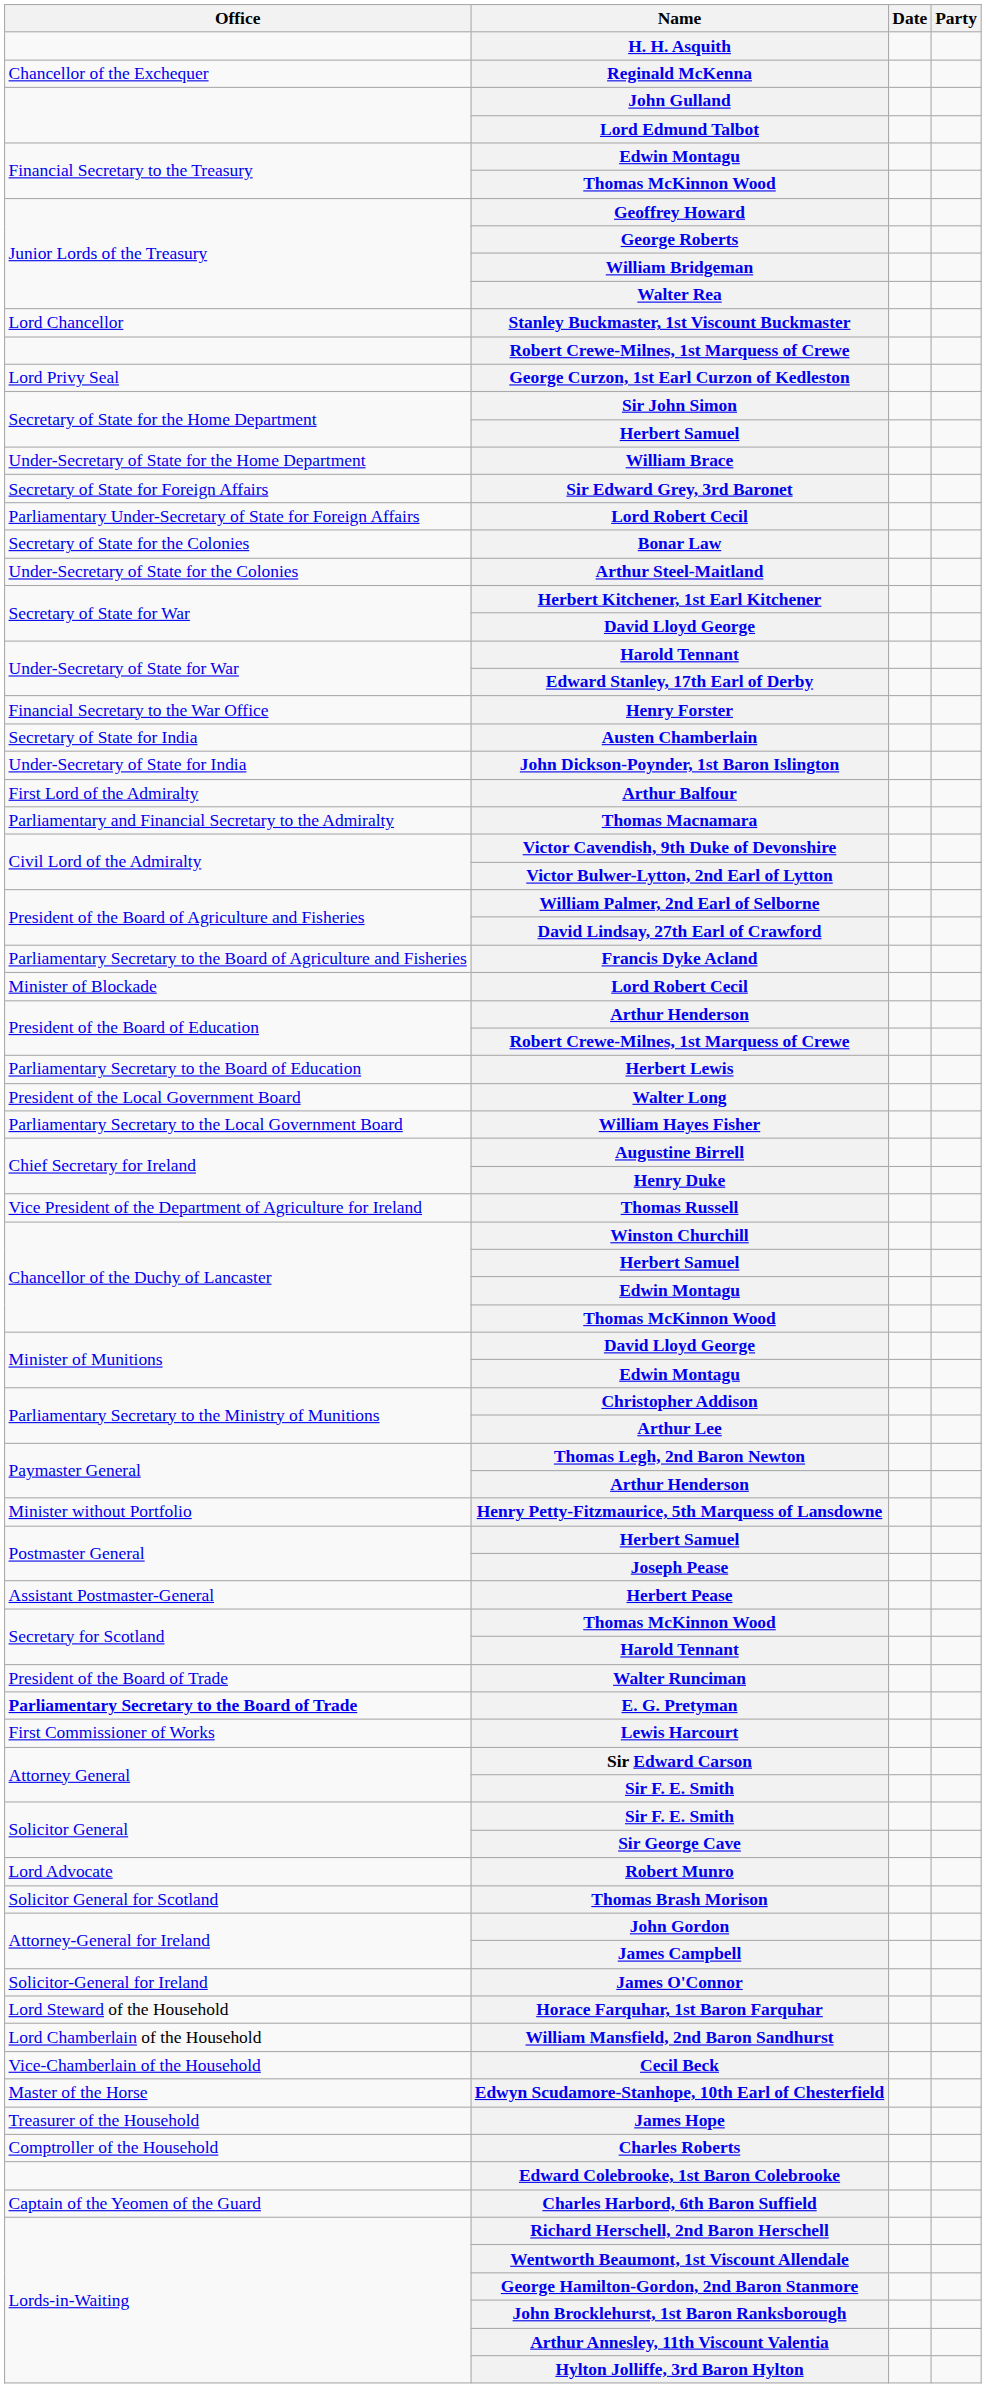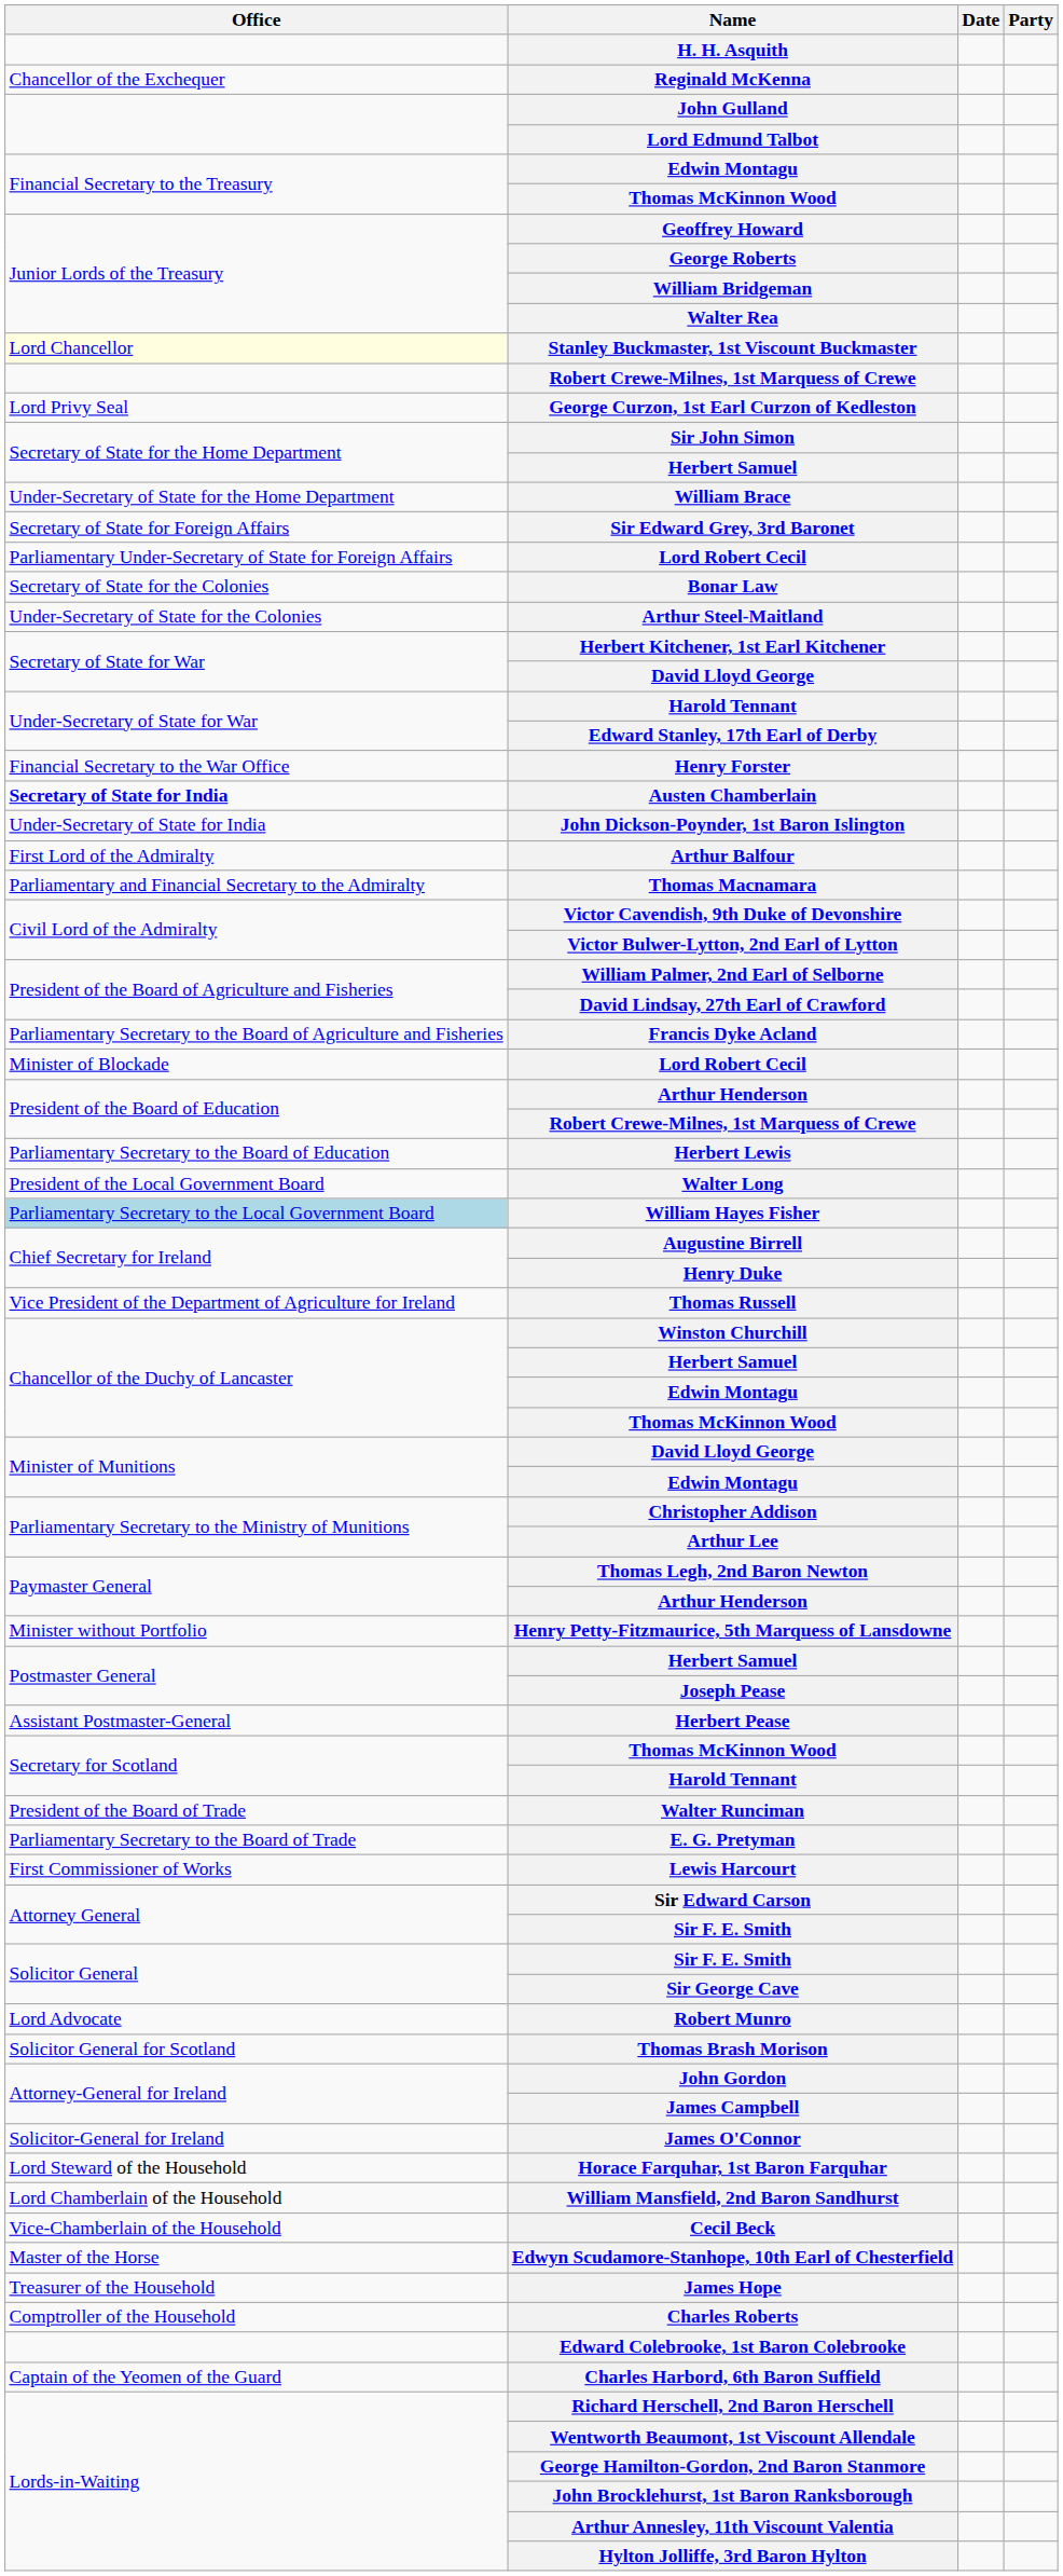 <table class="wikitable plainrowheaders sortable">
 <tr>
 <th class=unsortable>Office</th>
 <th class=unsortable>Name</th>
 <th>Date</th>
 <th colspan=2>Party</th>
 </tr>
 <tr>
 <td></td>
 <th scope=row style="font-weight:bold;"><a href='#'>H. H. Asquith</a></th>
 <td></td>
 <td></td>
 </tr>
 <tr>
 <td><a href='#'>Chancellor of the Exchequer</a></td>
 <th scope=row style="font-weight:bold;"><a href='#'>Reginald McKenna</a></th>
 <td></td>
 <td></td>
 </tr>
 <tr>
 <td rowspan=2></td>
 <th scope=row><a href='#'>John Gulland</a></th>
 <td></td>
 <td></td>
 </tr>
 <tr>
 <th scope=row><a href='#'>Lord Edmund Talbot</a></th>
 <td></td>
 <td></td>
 </tr>
 <tr>
 <td rowspan=2><a href='#'>Financial Secretary to the Treasury</a></td>
 <th scope=row><a href='#'>Edwin Montagu</a></th>
 <td></td>
 <td></td>
 </tr>
 <tr>
 <th scope=row><a href='#'>Thomas McKinnon Wood</a></th>
 <td></td>
 <td></td>
 </tr>
 <tr>
 <td rowspan=4><a href='#'>Junior Lords of the Treasury</a></td>
 <th scope=row><a href='#'>Geoffrey Howard</a></th>
 <td></td>
 <td></td>
 </tr>
 <tr>
 <th scope=row><a href='#'>George Roberts</a></th>
 <td></td>
 <td></td>
 </tr>
 <tr>
 <th scope=row><a href='#'>William Bridgeman</a></th>
 <td></td>
 <td></td>
 </tr>
 <tr>
 <th scope=row><a href='#'>Walter Rea</a></th>
 <td></td>
 <td></td>
 </tr>
 <tr>
-<td><a href='#'>Lord Chancellor</a></td>
+<td style="background: lightyellow;"><a href='#'>Lord Chancellor</a></td>
 <th scope=row style="font-weight:bold;"><a href='#'>Stanley Buckmaster, 1st Viscount Buckmaster</a></th>
 <td></td>
 <td></td>
 </tr>
 <tr>
 <td></td>
 <th scope=row style="font-weight:bold;"><a href='#'>Robert Crewe-Milnes, 1st Marquess of Crewe</a></th>
 <td></td>
 <td></td>
 </tr>
 <tr>
 <td><a href='#'>Lord Privy Seal</a></td>
 <th scope=row style="font-weight:bold;"><a href='#'>George Curzon, 1st Earl Curzon of Kedleston</a></th>
 <td></td>
 <td></td>
 </tr>
 <tr>
 <td rowspan=2><a href='#'>Secretary of State for the Home Department</a></td>
 <th scope=row style="font-weight:bold;"><a href='#'>Sir John Simon</a></th>
 <td></td>
 <td></td>
 </tr>
 <tr>
 <th scope=row style="font-weight:bold;"><a href='#'>Herbert Samuel</a></th>
 <td></td>
 <td></td>
 </tr>
 <tr>
 <td><a href='#'>Under-Secretary of State for the Home Department</a></td>
 <th scope=row><a href='#'>William Brace</a></th>
 <td></td>
 <td></td>
 </tr>
 <tr>
 <td><a href='#'>Secretary of State for Foreign Affairs</a></td>
 <th scope=row style="font-weight:bold;"><a href='#'>Sir Edward Grey, 3rd Baronet</a></th>
 <td></td>
 <td></td>
 </tr>
 <tr>
 <td><a href='#'>Parliamentary Under-Secretary of State for Foreign Affairs</a></td>
 <th scope=row><a href='#'>Lord Robert Cecil</a></th>
 <td></td>
 <td></td>
 </tr>
 <tr>
 <td><a href='#'>Secretary of State for the Colonies</a></td>
 <th scope=row style="font-weight:bold;"><a href='#'>Bonar Law</a></th>
 <td></td>
 <td></td>
 </tr>
 <tr>
 <td><a href='#'>Under-Secretary of State for the Colonies</a></td>
 <th scope=row><a href='#'>Arthur Steel-Maitland</a></th>
 <td></td>
 <td></td>
 </tr>
 <tr>
 <td rowspan=2><a href='#'>Secretary of State for War</a></td>
 <th scope=row style="font-weight:bold;"><a href='#'>Herbert Kitchener, 1st Earl Kitchener</a></th>
 <td></td>
 <td></td>
 </tr>
 <tr>
 <th scope=row style="font-weight:bold;"><a href='#'>David Lloyd George</a></th>
 <td></td>
 <td></td>
 </tr>
 <tr>
 <td rowspan=2><a href='#'>Under-Secretary of State for War</a></td>
 <th scope=row><a href='#'>Harold Tennant</a></th>
 <td></td>
 <td></td>
 </tr>
 <tr>
 <th scope=row><a href='#'>Edward Stanley, 17th Earl of Derby</a></th>
 <td></td>
 <td></td>
 </tr>
 <tr>
 <td><a href='#'>Financial Secretary to the War Office</a></td>
 <th scope=row><a href='#'>Henry Forster</a></th>
 <td></td>
 <td></td>
 </tr>
 <tr>
-<td><a href='#'>Secretary of State for India</a></td>
+<td><strong><a href='#'>Secretary of State for India</a></strong></td>
 <th scope=row style="font-weight:bold;"><a href='#'>Austen Chamberlain</a></th>
 <td></td>
 <td></td>
 </tr>
 <tr>
 <td><a href='#'>Under-Secretary of State for India</a></td>
 <th scope=row><a href='#'>John Dickson-Poynder, 1st Baron Islington</a></th>
 <td></td>
 <td></td>
 </tr>
 <tr>
 <td><a href='#'>First Lord of the Admiralty</a></td>
 <th scope=row style="font-weight:bold;"><a href='#'>Arthur Balfour</a></th>
 <td></td>
 <td></td>
 </tr>
 <tr>
 <td><a href='#'>Parliamentary and Financial Secretary to the Admiralty</a></td>
 <th scope=row><a href='#'>Thomas Macnamara</a></th>
 <td></td>
 <td></td>
 </tr>
 <tr>
 <td rowspan=2><a href='#'>Civil Lord of the Admiralty</a></td>
 <th scope=row><a href='#'>Victor Cavendish, 9th Duke of Devonshire</a></th>
 <td></td>
 <td></td>
 </tr>
 <tr>
 <th scope=row><a href='#'>Victor Bulwer-Lytton, 2nd Earl of Lytton</a></th>
 <td></td>
 <td></td>
 </tr>
 <tr>
 <td rowspan=2><a href='#'>President of the Board of Agriculture and Fisheries</a></td>
 <th scope=row style="font-weight:bold;"><a href='#'>William Palmer, 2nd Earl of Selborne</a></th>
 <td></td>
 <td></td>
 </tr>
 <tr>
 <th scope=row style="font-weight:bold;"><a href='#'>David Lindsay, 27th Earl of Crawford</a></th>
 <td></td>
 <td></td>
 </tr>
 <tr>
 <td><a href='#'>Parliamentary Secretary to the Board of Agriculture and Fisheries</a></td>
 <th scope=row><a href='#'>Francis Dyke Acland</a></th>
 <td></td>
 <td></td>
 </tr>
 <tr>
 <td><a href='#'>Minister of Blockade</a></td>
 <th scope=row style="font-weight:bold;"><a href='#'>Lord Robert Cecil</a></th>
 <td></td>
 <td></td>
 </tr>
 <tr>
 <td rowspan=2><a href='#'>President of the Board of Education</a></td>
 <th scope=row style="font-weight:bold;"><a href='#'>Arthur Henderson</a></th>
 <td></td>
 <td></td>
 </tr>
 <tr>
 <th scope=row style="font-weight:bold;"><a href='#'>Robert Crewe-Milnes, 1st Marquess of Crewe</a></th>
 <td></td>
 <td></td>
 </tr>
 <tr>
 <td><a href='#'>Parliamentary Secretary to the Board of Education</a></td>
 <th scope=row><a href='#'>Herbert Lewis</a></th>
 <td></td>
 <td></td>
 </tr>
 <tr>
 <td><a href='#'>President of the Local Government Board</a></td>
 <th scope=row style="font-weight:bold;"><a href='#'>Walter Long</a></th>
 <td></td>
 <td></td>
 </tr>
 <tr>
-<td><a href='#'>Parliamentary Secretary to the Local Government Board</a></td>
+<td style="background: lightblue;"><a href='#'>Parliamentary Secretary to the Local Government Board</a></td>
 <th scope=row><a href='#'>William Hayes Fisher</a></th>
 <td></td>
 <td></td>
 </tr>
 <tr>
 <td rowspan=2><a href='#'>Chief Secretary for Ireland</a></td>
 <th scope=row style="font-weight:bold;"><a href='#'>Augustine Birrell</a></th>
 <td></td>
 <td></td>
 </tr>
 <tr>
 <th scope=row style="font-weight:bold;"><a href='#'>Henry Duke</a></th>
 <td></td>
 <td></td>
 </tr>
 <tr>
 <td><a href='#'>Vice President of the Department of Agriculture for Ireland</a></td>
 <th scope=row><a href='#'>Thomas Russell</a></th>
 <td></td>
 <td></td>
 </tr>
 <tr>
 <td rowspan=4><a href='#'>Chancellor of the Duchy of Lancaster</a></td>
 <th scope=row style="font-weight:bold;"><a href='#'>Winston Churchill</a></th>
 <td></td>
 <td></td>
 </tr>
 <tr>
 <th scope=row style="font-weight:bold;"><a href='#'>Herbert Samuel</a></th>
 <td></td>
 <td></td>
 </tr>
 <tr>
 <th scope=row style="font-weight:bold;"><a href='#'>Edwin Montagu</a></th>
 <td></td>
 <td></td>
 </tr>
 <tr>
 <th scope=row style="font-weight:bold;"><a href='#'>Thomas McKinnon Wood</a></th>
 <td></td>
 <td></td>
 </tr>
 <tr>
 <td rowspan=2><a href='#'>Minister of Munitions</a></td>
 <th scope=row style="font-weight:bold;"><a href='#'>David Lloyd George</a></th>
 <td></td>
 <td></td>
 </tr>
 <tr>
 <th scope=row style="font-weight:bold;"><a href='#'>Edwin Montagu</a></th>
 <td></td>
 <td></td>
 </tr>
 <tr>
 <td rowspan=2><a href='#'>Parliamentary Secretary to the Ministry of Munitions</a></td>
 <th scope=row><a href='#'>Christopher Addison</a></th>
 <td></td>
 <td></td>
 </tr>
 <tr>
 <th scope=row><a href='#'>Arthur Lee</a></th>
 <td></td>
 <td></td>
 </tr>
 <tr>
 <td rowspan=2><a href='#'>Paymaster General</a></td>
 <th scope=row><a href='#'>Thomas Legh, 2nd Baron Newton</a></th>
 <td></td>
 <td></td>
 </tr>
 <tr>
 <th scope=row style="font-weight:bold;"><a href='#'>Arthur Henderson</a></th>
 <td></td>
 <td></td>
 </tr>
 <tr>
 <td><a href='#'>Minister without Portfolio</a></td>
 <th scope=row style="font-weight:bold;"><a href='#'>Henry Petty-Fitzmaurice, 5th Marquess of Lansdowne</a></th>
 <td></td>
 <td></td>
 </tr>
 <tr>
 <td rowspan=2><a href='#'>Postmaster General</a></td>
 <th scope=row style="font-weight:bold;"><a href='#'>Herbert Samuel</a></th>
 <td></td>
 <td></td>
 </tr>
 <tr>
 <th scope=row style="font-weight:bold;"><a href='#'>Joseph Pease</a></th>
 <td></td>
 <td></td>
 </tr>
 <tr>
 <td><a href='#'>Assistant Postmaster-General</a></td>
 <th scope=row><a href='#'>Herbert Pease</a></th>
 <td></td>
 <td></td>
 </tr>
 <tr>
 <td rowspan=2><a href='#'>Secretary for Scotland</a></td>
 <th scope=row style="font-weight:bold;"><a href='#'>Thomas McKinnon Wood</a></th>
 <td></td>
 <td></td>
 </tr>
 <tr>
 <th scope=row style="font-weight:bold;"><a href='#'>Harold Tennant</a></th>
 <td></td>
 <td></td>
 </tr>
 <tr>
 <td><a href='#'>President of the Board of Trade</a></td>
 <th scope=row style="font-weight:bold;"><a href='#'>Walter Runciman</a></th>
 <td></td>
 <td></td>
 </tr>
 <tr>
-<td><strong><a href='#'>Parliamentary Secretary to the Board of Trade</a></strong></td>
+<td><a href='#'>Parliamentary Secretary to the Board of Trade</a></td>
 <th scope=row><a href='#'>E. G. Pretyman</a></th>
 <td></td>
 <td></td>
 </tr>
 <tr>
 <td><a href='#'>First Commissioner of Works</a></td>
 <th scope=row style="font-weight:bold;"><a href='#'>Lewis Harcourt</a></th>
 <td></td>
 <td></td>
 </tr>
 <tr>
 <td rowspan=2><a href='#'>Attorney General</a></td>
 <th scope=row style="font-weight:bold;">Sir <a href='#'>Edward Carson</a></th>
 <td></td>
 <td></td>
 </tr>
 <tr>
 <th scope=row style="font-weight:bold;"><a href='#'>Sir F. E. Smith</a></th>
 <td></td>
 <td></td>
 </tr>
 <tr>
 <td rowspan=2><a href='#'>Solicitor General</a></td>
 <th scope=row><a href='#'>Sir F. E. Smith</a></th>
 <td></td>
 <td></td>
 </tr>
 <tr>
 <th scope=row><a href='#'>Sir George Cave</a></th>
 <td></td>
 <td></td>
 </tr>
 <tr>
 <td><a href='#'>Lord Advocate</a></td>
 <th scope=row><a href='#'>Robert Munro</a></th>
 <td></td>
 <td></td>
 </tr>
 <tr>
 <td><a href='#'>Solicitor General for Scotland</a></td>
 <th scope=row><a href='#'>Thomas Brash Morison</a></th>
 <td></td>
 <td></td>
 </tr>
 <tr>
 <td rowspan=2><a href='#'>Attorney-General for Ireland</a></td>
 <th scope=row><a href='#'>John Gordon</a></th>
 <td></td>
 <td></td>
 </tr>
 <tr>
 <th scope=row><a href='#'>James Campbell</a></th>
 <td></td>
 <td></td>
 </tr>
 <tr>
 <td><a href='#'>Solicitor-General for Ireland</a></td>
 <th scope=row><a href='#'>James O'Connor</a></th>
 <td></td>
 <td></td>
 </tr>
 <tr>
 <td><a href='#'>Lord Steward</a> of the Household</td>
 <th scope=row><a href='#'>Horace Farquhar, 1st Baron Farquhar</a></th>
 <td></td>
 <td></td>
 </tr>
 <tr>
 <td><a href='#'>Lord Chamberlain</a> of the Household</td>
 <th scope=row><a href='#'>William Mansfield, 2nd Baron Sandhurst</a></th>
 <td></td>
 <td></td>
 </tr>
 <tr>
 <td><a href='#'>Vice-Chamberlain of the Household</a></td>
 <th scope=row><a href='#'>Cecil Beck</a></th>
 <td></td>
 <td></td>
 </tr>
 <tr>
 <td><a href='#'>Master of the Horse</a></td>
 <th scope=row><a href='#'>Edwyn Scudamore-Stanhope, 10th Earl of Chesterfield</a></th>
 <td></td>
 <td></td>
 </tr>
 <tr>
 <td><a href='#'>Treasurer of the Household</a></td>
 <th scope=row><a href='#'>James Hope</a></th>
 <td></td>
 <td></td>
 </tr>
 <tr>
 <td><a href='#'>Comptroller of the Household</a></td>
 <th scope=row><a href='#'>Charles Roberts</a></th>
 <td></td>
 <td></td>
 </tr>
 <tr>
 <td></td>
 <th scope=row><a href='#'>Edward Colebrooke, 1st Baron Colebrooke</a></th>
 <td></td>
 <td></td>
 </tr>
 <tr>
 <td><a href='#'>Captain of the Yeomen of the Guard</a></td>
 <th scope=row><a href='#'>Charles Harbord, 6th Baron Suffield</a></th>
 <td></td>
 <td></td>
 </tr>
 <tr>
 <td rowspan=6><a href='#'>Lords-in-Waiting</a></td>
 <th scope=row><a href='#'>Richard Herschell, 2nd Baron Herschell</a></th>
 <td></td>
 <td></td>
 </tr>
 <tr>
 <th scope=row><a href='#'>Wentworth Beaumont, 1st Viscount Allendale</a></th>
 <td></td>
 <td></td>
 </tr>
 <tr>
 <th scope=row><a href='#'>George Hamilton-Gordon, 2nd Baron Stanmore</a></th>
 <td></td>
 <td></td>
 </tr>
 <tr>
 <th scope=row><a href='#'>John Brocklehurst, 1st Baron Ranksborough</a></th>
 <td></td>
 <td></td>
 </tr>
 <tr>
 <th scope=row><a href='#'>Arthur Annesley, 11th Viscount Valentia</a></th>
 <td></td>
 <td></td>
 </tr>
 <tr>
 <th scope=row><a href='#'>Hylton Jolliffe, 3rd Baron Hylton</a></th>
 <td></td>
 <td></td>
 </tr>
 </table>
